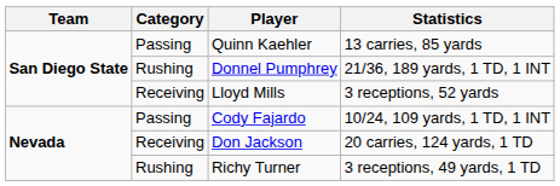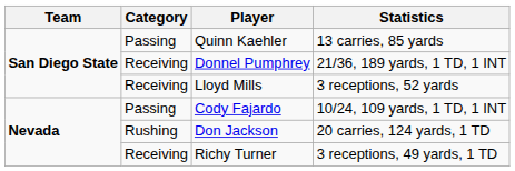 <table class="wikitable" style="float: left;">
 <tr>
 <th>Team</th>
 <th>Category</th>
 <th>Player</th>
 <th>Statistics</th>
 </tr>
 <tr>
 <td rowspan=3><strong>San Diego State</strong></td>
 <td>Passing</td>
 <td>Quinn Kaehler</td>
 <td>13 carries, 85 yards</td>
 </tr>
 <tr>
-<td>Rushing</td>
+<td>Receiving</td>
 <td><a href='#'>Donnel Pumphrey</a></td>
 <td>21/36, 189 yards, 1 TD, 1 INT</td>
 </tr>
 <tr>
 <td>Receiving</td>
 <td>Lloyd Mills</td>
 <td>3 receptions, 52 yards</td>
 </tr>
 <tr>
 <td rowspan=3><strong>Nevada</strong></td>
 <td>Passing</td>
 <td><a href='#'>Cody Fajardo</a></td>
 <td>10/24, 109 yards, 1 TD, 1 INT</td>
 </tr>
 <tr>
-<td>Receiving</td>
+<td>Rushing</td>
 <td><a href='#'>Don Jackson</a></td>
 <td>20 carries, 124 yards, 1 TD</td>
 </tr>
 <tr>
-<td>Rushing</td>
+<td>Receiving</td>
 <td>Richy Turner</td>
 <td>3 receptions, 49 yards, 1 TD</td>
 </tr>
 </table>
